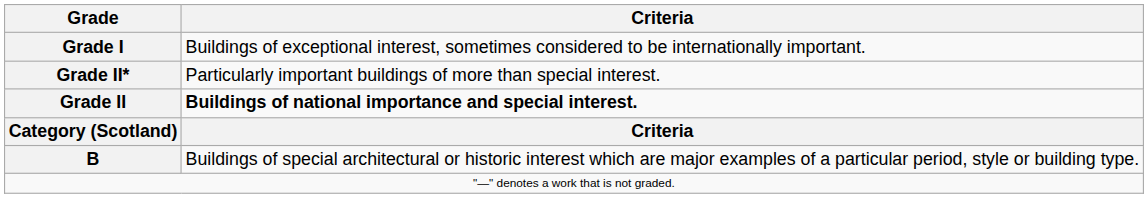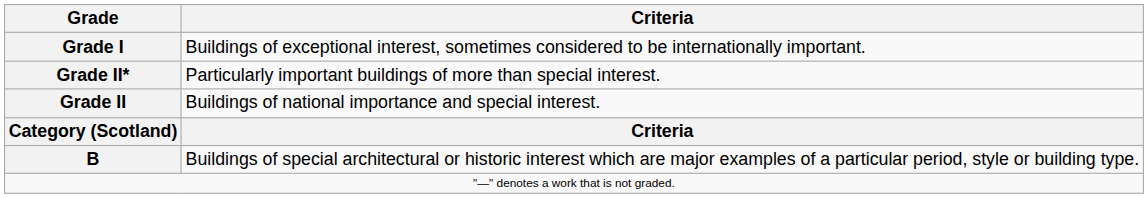 <table class="wikitable" border="1">
 <tr>
 <th>Grade</th>
 <th>Criteria</th>
 </tr>
 <tr>
 <th>Grade I</th>
 <td>Buildings of exceptional interest, sometimes considered to be internationally important.</td>
 </tr>
 <tr>
 <th>Grade II*</th>
 <td>Particularly important buildings of more than special interest.</td>
 </tr>
 <tr>
 <th>Grade II</th>
-<td><strong>Buildings of national importance and special interest.</strong></td>
+<td>Buildings of national importance and special interest.</td>
 </tr>
 <tr>
 <th>Category (Scotland)</th>
 <th>Criteria</th>
 </tr>
 <tr>
 <th align="center" >B</th>
 <td>Buildings of special architectural or historic interest which are major examples of a particular period, style or building type.</td>
 </tr>
 <tr>
 <td align="center" colspan="14" style="font-size: 8pt">"—" denotes a work that is not graded.</td>
 </tr>
 </table>
